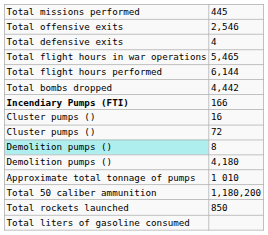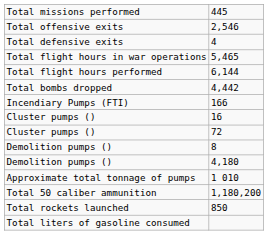 <table class="wikitable">
 <tr>
 <td>Total missions performed</td>
 <td>445</td>
 </tr>
 <tr>
 <td>Total offensive exits</td>
 <td>2,546</td>
 </tr>
 <tr>
 <td>Total defensive exits</td>
 <td>4</td>
 </tr>
 <tr>
 <td>Total flight hours in war operations</td>
 <td>5,465</td>
 </tr>
 <tr>
 <td>Total flight hours performed</td>
 <td>6,144</td>
 </tr>
 <tr>
 <td>Total bombs dropped</td>
 <td>4,442</td>
 </tr>
 <tr>
-<td><strong>Incendiary Pumps (FTI)</strong></td>
+<td>Incendiary Pumps (FTI)</td>
 <td>166</td>
 </tr>
 <tr>
 <td>Cluster pumps ()</td>
 <td>16</td>
 </tr>
 <tr>
 <td>Cluster pumps ()</td>
 <td>72</td>
 </tr>
 <tr>
-<td style="background: paleturquoise;">Demolition pumps ()</td>
+<td>Demolition pumps ()</td>
 <td>8</td>
 </tr>
 <tr>
 <td>Demolition pumps ()</td>
 <td>4,180</td>
 </tr>
 <tr>
 <td>Approximate total tonnage of pumps</td>
 <td>1 010</td>
 </tr>
 <tr>
 <td>Total 50 caliber ammunition</td>
 <td>1,180,200</td>
 </tr>
 <tr>
 <td>Total rockets launched</td>
 <td>850</td>
 </tr>
 <tr>
 <td>Total liters of gasoline consumed</td>
 <td></td>
 </tr>
 </table>
